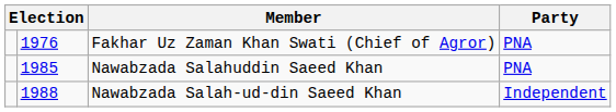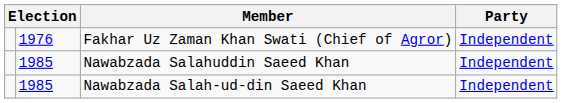 <table class="wikitable">
 <tr>
 <th colspan="2">Election</th>
 <th>Member</th>
 <th>Party</th>
 </tr>
 <tr>
 <td style="background-color: "></td>
 <td><a href='#'>1976</a></td>
 <td>Fakhar Uz Zaman Khan Swati (Chief of <a href='#'>Agror</a>)</td>
-<td><a href='#'>PNA</a></td>
+<td><a href='#'>Independent</a></td>
 </tr>
 <tr>
 <td style="background-color: "></td>
 <td><a href='#'>1985</a></td>
 <td>Nawabzada Salahuddin Saeed Khan</td>
-<td><a href='#'>PNA</a></td>
+<td><a href='#'>Independent</a></td>
 </tr>
 <tr>
 <td style="background-color: "></td>
-<td><a href='#'>1988</a></td>
+<td><a href='#'>1985</a></td>
 <td>Nawabzada Salah-ud-din Saeed Khan</td>
 <td><a href='#'>Independent</a></td>
 </tr>
 </table>
